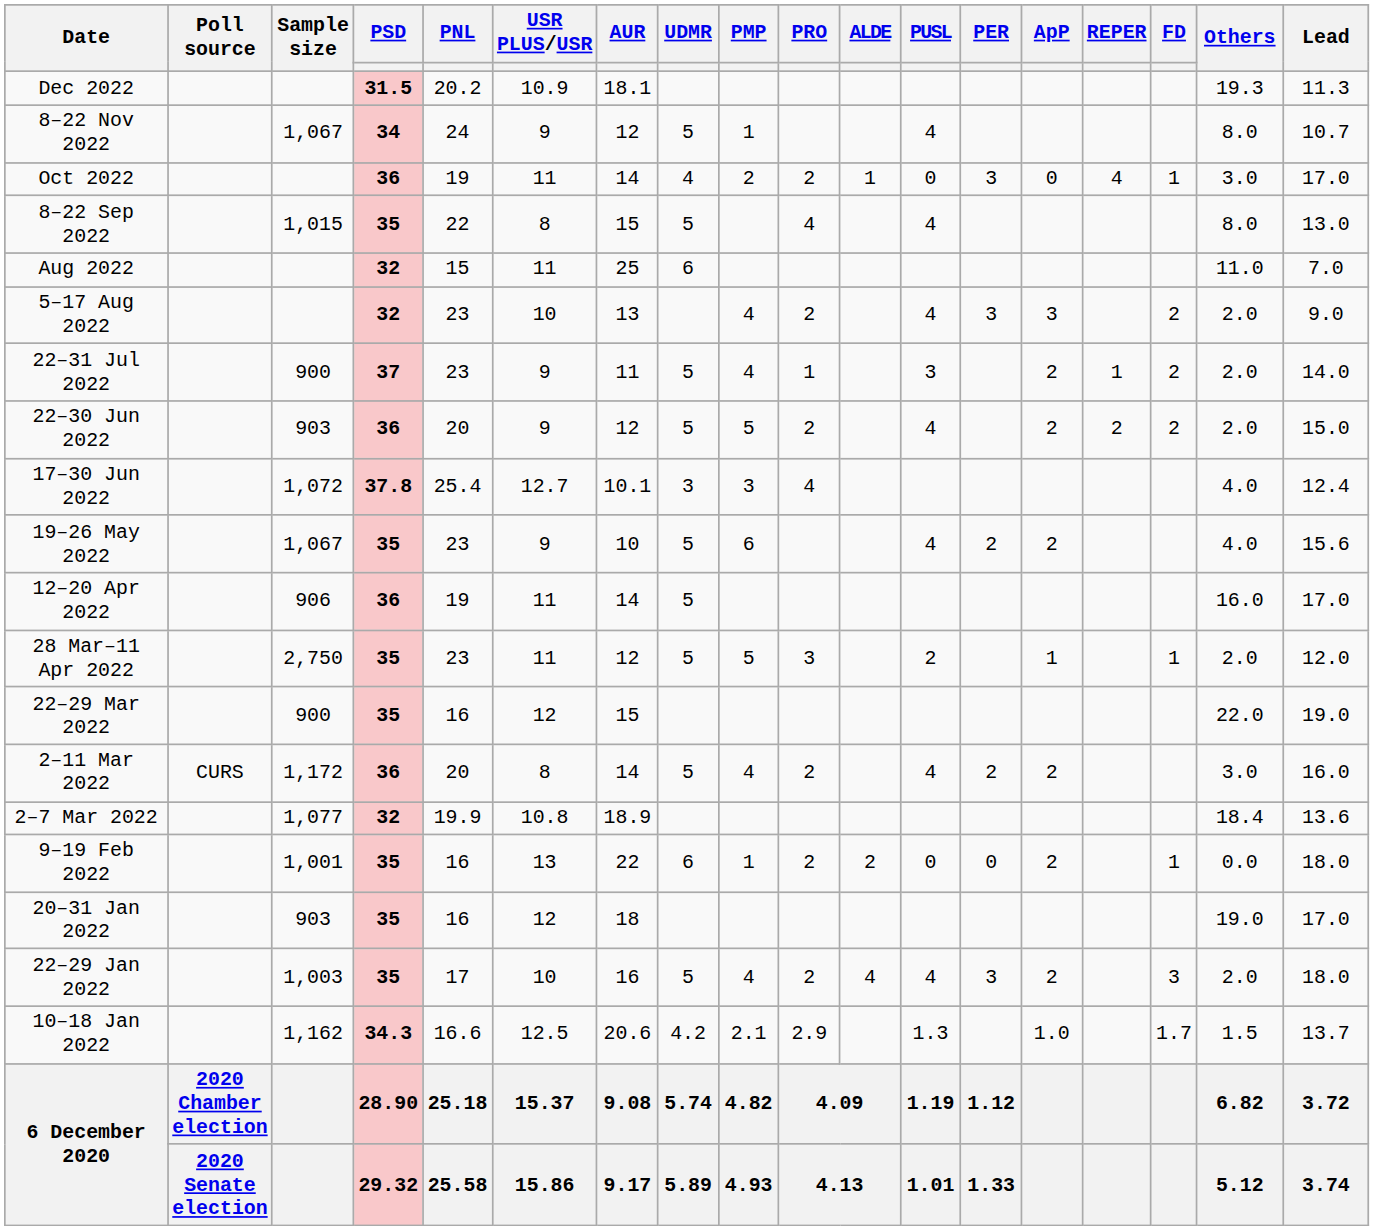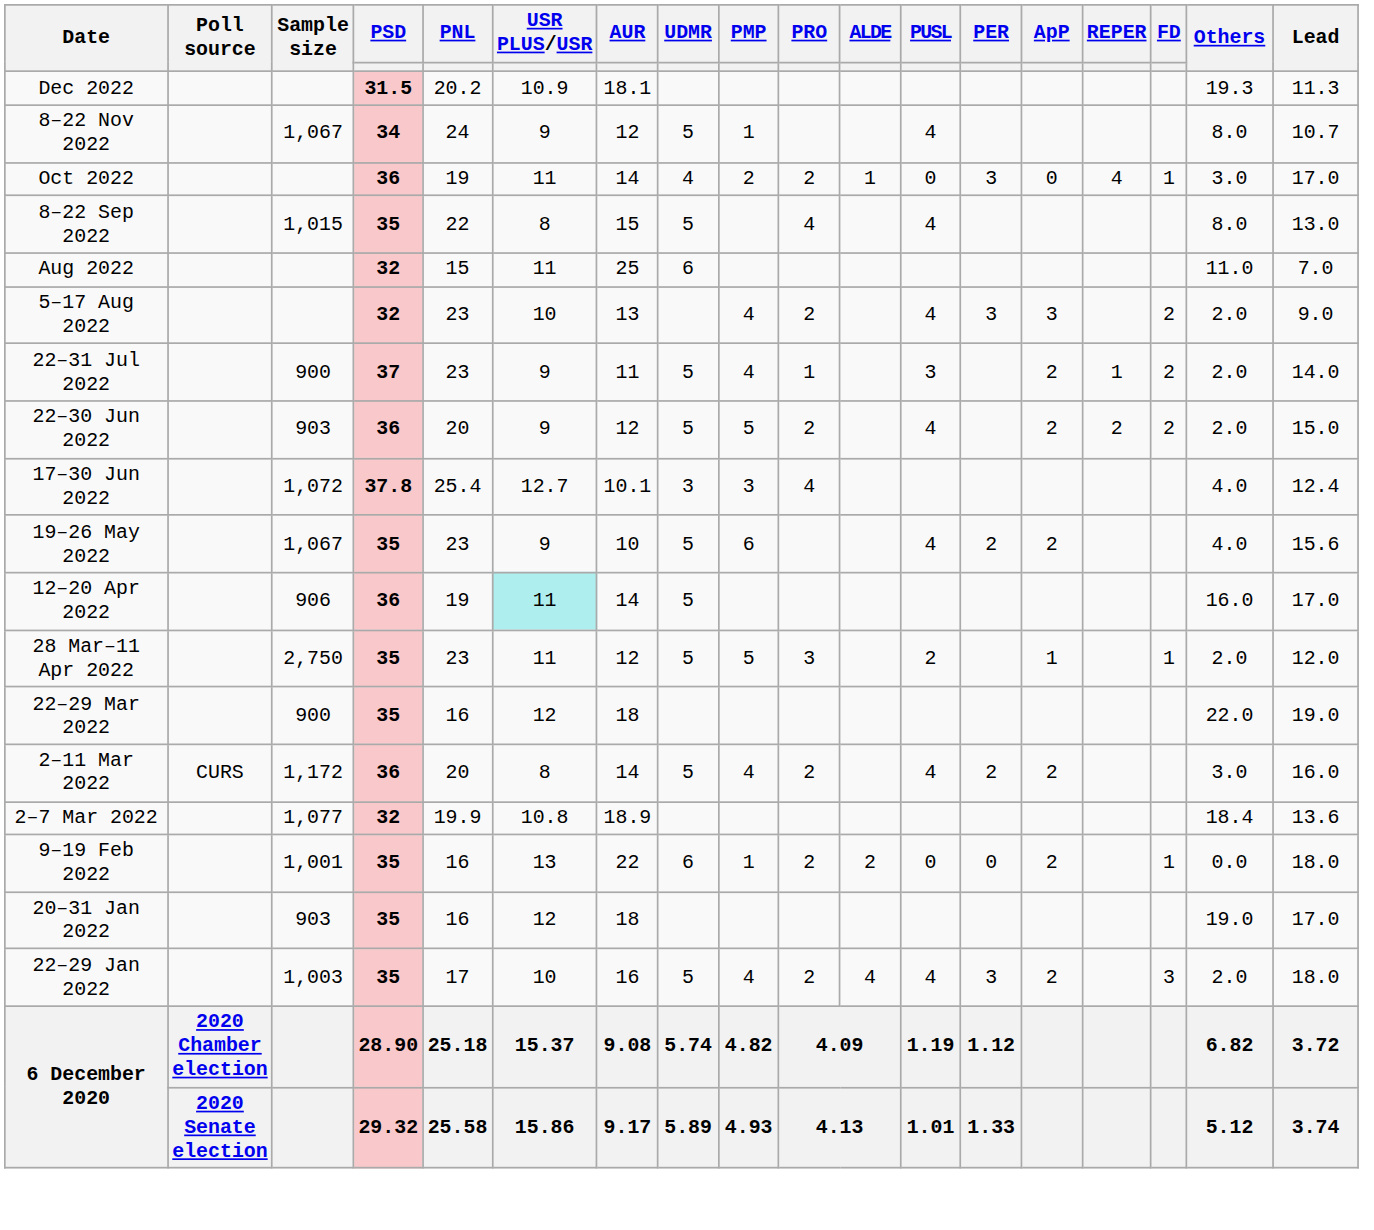 <table class="wikitable sortable mw-datatable" style="text-align:center;font-size:90%;line-height:14px;">
 <tr style="background:lightgrey;">
 <th rowspan="2" style="width:90px;">Date</th>
 <th rowspan="2" style="width:40px;">Poll source</th>
 <th rowspan="2" class="unsortable" style="width:20px;">Sample size</th>
 <th class="unsortable" style="width:30px;"><a href='#'>PSD</a></th>
 <th class="unsortable" style="width:15px;"><a href='#'>PNL</a></th>
 <th class="unsortable" style="width:30px;"><a href='#'>USR PLUS</a>/<a href='#'>USR</a></th>
 <th class="unsortable" style="width:30px;"><a href='#'>AUR</a></th>
 <th class="unsortable" style="width:30px;"><a href='#'>UDMR</a></th>
 <th class="unsortable" style="width:30px;"><a href='#'>PMP</a></th>
 <th class="unsortable" style="width:30px;"><a href='#'>PRO</a></th>
 <th class="unsortable" style="width:30px;letter-spacing:-1px;"><a href='#'>ALDE</a></th>
 <th class="unsortable" style="width:30px;letter-spacing:-1px;"><a href='#'>PUSL</a></th>
 <th class="unsortable" style="width:30px"><a href='#'>PER</a></th>
 <th class="unsortable" style="width:30px;"><a href='#'>ApP</a></th>
 <th class="unsortable"><a href='#'>REPER</a></th>
 <th class="unsortable" style="width:15px;"><a href='#'>FD</a></th>
 <th rowspan="2" style="width:45px;"><a href='#'>Others</a></th>
 <th rowspan="2" style="width:45px;">Lead</th>
 </tr>
 <tr>
 <th data-sort-type="number" style="background:"></th>
 <th data-sort-type="number" style="background:"></th>
 <th data-sort-type="number" style="background:"></th>
 <th data-sort-type="number" style="background:"></th>
 <th data-sort-type="number" style="background:"></th>
 <th data-sort-type="number" style="background:"></th>
 <th data-sort-type="number" style="background:"></th>
 <th data-sort-type="number" style="background:"></th>
 <th data-sort-type="number" style="background:"></th>
 <th data-sort-type="number" style="background:"></th>
 <th data-sort-type="number" style="background:"></th>
 <th data-sort-type="number" style="background:"></th>
 <th data-sort-type="number" style="background:"></th>
 </tr>
 <tr>
 <td>Dec 2022</td>
 <td></td>
 <td></td>
 <td style="background:#F9C8CA"><strong>31.5</strong></td>
 <td>20.2</td>
 <td>10.9</td>
 <td>18.1</td>
 <td></td>
 <td></td>
 <td></td>
 <td></td>
 <td></td>
 <td></td>
 <td></td>
 <td></td>
 <td></td>
 <td>19.3</td>
 <td style="background:">11.3</td>
 </tr>
 <tr>
 <td>8–22 Nov 2022</td>
 <td></td>
 <td>1,067</td>
 <td style="background:#F9C8CA"><strong>34</strong></td>
 <td>24</td>
 <td>9</td>
 <td>12</td>
 <td>5</td>
 <td>1</td>
 <td></td>
 <td></td>
 <td>4</td>
 <td></td>
 <td></td>
 <td></td>
 <td></td>
 <td>8.0</td>
 <td style="background:">10.7</td>
 </tr>
 <tr>
 <td>Oct 2022</td>
 <td></td>
 <td></td>
 <td style="background:#F9C8CA"><strong>36</strong></td>
 <td>19</td>
 <td>11</td>
 <td>14</td>
 <td>4</td>
 <td>2</td>
 <td>2</td>
 <td>1</td>
 <td>0</td>
 <td>3</td>
 <td>0</td>
 <td>4</td>
 <td>1</td>
 <td>3.0</td>
 <td style="background:">17.0</td>
 </tr>
 <tr>
 <td>8–22 Sep 2022</td>
 <td></td>
 <td>1,015</td>
 <td style="background:#F9C8CA"><strong>35</strong></td>
 <td>22</td>
 <td>8</td>
 <td>15</td>
 <td>5</td>
 <td></td>
 <td>4</td>
 <td></td>
 <td>4</td>
 <td></td>
 <td></td>
 <td></td>
 <td></td>
 <td>8.0</td>
 <td style="background:">13.0</td>
 </tr>
 <tr>
 <td>Aug 2022</td>
 <td></td>
 <td></td>
 <td style="background:#F9C8CA"><strong>32</strong></td>
 <td>15</td>
 <td>11</td>
 <td>25</td>
 <td>6</td>
 <td></td>
 <td></td>
 <td></td>
 <td></td>
 <td></td>
 <td></td>
 <td></td>
 <td></td>
 <td>11.0</td>
 <td style="background:">7.0</td>
 </tr>
 <tr>
 <td>5–17 Aug 2022</td>
 <td></td>
 <td></td>
 <td style="background:#F9C8CA"><strong>32</strong></td>
 <td>23</td>
 <td>10</td>
 <td>13</td>
 <td></td>
 <td>4</td>
 <td>2</td>
 <td></td>
 <td>4</td>
 <td>3</td>
 <td>3</td>
 <td></td>
 <td>2</td>
 <td>2.0</td>
 <td style="background:">9.0</td>
 </tr>
 <tr>
 <td>22–31 Jul 2022</td>
 <td></td>
 <td> 900</td>
 <td style="background:#F9C8CA"><strong>37</strong></td>
 <td>23</td>
 <td>9</td>
 <td>11</td>
 <td>5</td>
 <td>4</td>
 <td>1</td>
 <td></td>
 <td>3</td>
 <td></td>
 <td>2</td>
 <td>1</td>
 <td>2</td>
 <td>2.0</td>
 <td style="background:">14.0</td>
 </tr>
 <tr>
 <td>22–30 Jun 2022</td>
 <td></td>
 <td>903</td>
 <td style="background:#F9C8CA"><strong>36</strong></td>
 <td>20</td>
 <td>9</td>
 <td>12</td>
 <td>5</td>
 <td>5</td>
 <td>2</td>
 <td></td>
 <td>4</td>
 <td></td>
 <td>2</td>
 <td>2</td>
 <td>2</td>
 <td>2.0</td>
 <td style="background:">15.0</td>
 </tr>
 <tr>
 <td>17–30 Jun 2022</td>
 <td></td>
 <td>1,072</td>
 <td style="background:#F9C8CA"><strong>37.8</strong></td>
 <td>25.4</td>
 <td>12.7</td>
 <td>10.1</td>
 <td>3</td>
 <td>3</td>
 <td>4</td>
 <td></td>
 <td></td>
 <td></td>
 <td></td>
 <td></td>
 <td></td>
 <td>4.0</td>
 <td style="background:">12.4</td>
 </tr>
 <tr>
 <td>19–26 May 2022</td>
 <td></td>
 <td>1,067</td>
 <td style="background:#F9C8CA"><strong>35</strong></td>
 <td>23</td>
 <td>9</td>
 <td>10</td>
 <td>5</td>
 <td>6</td>
 <td></td>
 <td></td>
 <td>4</td>
 <td>2</td>
 <td>2</td>
 <td></td>
 <td></td>
 <td>4.0</td>
 <td style="background:">15.6</td>
 </tr>
 <tr>
 <td>12–20 Apr 2022</td>
 <td></td>
 <td>906</td>
 <td style="background:#F9C8CA"><strong>36</strong></td>
 <td>19</td>
-<td>11</td>
+<td style="background: paleturquoise;">11</td>
 <td>14</td>
 <td>5</td>
 <td></td>
 <td></td>
 <td></td>
 <td></td>
 <td></td>
 <td></td>
 <td></td>
 <td></td>
 <td>16.0</td>
 <td style="background:">17.0</td>
 </tr>
 <tr>
 <td>28 Mar–11 Apr 2022</td>
 <td></td>
 <td>2,750</td>
 <td style="background:#F9C8CA"><strong>35</strong></td>
 <td>23</td>
 <td>11</td>
 <td>12</td>
 <td>5</td>
 <td>5</td>
 <td>3</td>
 <td></td>
 <td>2</td>
 <td></td>
 <td>1</td>
 <td></td>
 <td>1</td>
 <td>2.0</td>
 <td style="background:">12.0</td>
 </tr>
 <tr>
 <td>22–29 Mar 2022</td>
 <td></td>
 <td>900</td>
 <td style="background:#F9C8CA"><strong>35</strong></td>
 <td>16</td>
 <td>12</td>
-<td>15</td>
+<td>18</td>
 <td></td>
 <td></td>
 <td></td>
 <td></td>
 <td></td>
 <td></td>
 <td></td>
 <td></td>
 <td></td>
 <td>22.0</td>
 <td style="background:">19.0</td>
 </tr>
 <tr>
 <td>2–11 Mar 2022</td>
 <td>CURS</td>
 <td>1,172</td>
 <td style="background:#F9C8CA"><strong>36</strong></td>
 <td>20</td>
 <td>8</td>
 <td>14</td>
 <td>5</td>
 <td>4</td>
 <td>2</td>
 <td></td>
 <td>4</td>
 <td>2</td>
 <td>2</td>
 <td></td>
 <td></td>
 <td>3.0</td>
 <td style="background:">16.0</td>
 </tr>
 <tr>
 <td>2–7 Mar 2022</td>
 <td></td>
 <td>1,077</td>
 <td style="background:#F9C8CA"><strong>32</strong></td>
 <td>19.9</td>
 <td>10.8</td>
 <td>18.9</td>
 <td></td>
 <td></td>
 <td></td>
 <td></td>
 <td></td>
 <td></td>
 <td></td>
 <td></td>
 <td></td>
 <td>18.4</td>
 <td style="background:">13.6</td>
 </tr>
 <tr>
 <td>9–19 Feb 2022</td>
 <td></td>
 <td>1,001</td>
 <td style="background:#F9C8CA"><strong>35</strong></td>
 <td>16</td>
 <td>13</td>
 <td>22</td>
 <td>6</td>
 <td>1</td>
 <td>2</td>
 <td>2</td>
 <td>0</td>
 <td>0</td>
 <td>2</td>
 <td></td>
 <td>1</td>
 <td>0.0</td>
 <td style="background:">18.0</td>
 </tr>
 <tr>
 <td>20–31 Jan 2022</td>
 <td></td>
 <td>903</td>
 <td style="background:#F9C8CA"><strong>35</strong></td>
 <td>16</td>
 <td>12</td>
 <td>18</td>
 <td></td>
 <td></td>
 <td></td>
 <td></td>
 <td></td>
 <td></td>
 <td></td>
 <td></td>
 <td></td>
 <td>19.0</td>
 <td style="background:">17.0</td>
 </tr>
 <tr>
 <td>22–29 Jan 2022</td>
 <td></td>
 <td>1,003</td>
 <td style="background:#F9C8CA"><strong>35</strong></td>
 <td>17</td>
 <td>10</td>
 <td>16</td>
 <td>5</td>
 <td>4</td>
 <td>2</td>
 <td>4</td>
 <td>4</td>
 <td>3</td>
 <td>2</td>
 <td></td>
 <td>3</td>
 <td>2.0</td>
 <td style="background:">18.0</td>
 </tr>
 <tr>
-<td>10–18 Jan 2022</td>
-<td></td>
-<td>1,162</td>
-<td style="background:#F9C8CA"><strong>34.3</strong></td>
-<td>16.6</td>
-<td>12.5</td>
-<td>20.6</td>
-<td>4.2</td>
-<td>2.1</td>
-<td>2.9</td>
-<td></td>
-<td>1.3</td>
-<td></td>
-<td>1.0</td>
-<td></td>
-<td>1.7</td>
-<td>1.5</td>
-<td style="background:">13.7</td>
-</tr>
-<tr>
 <th rowspan="2" data-sort-value="2020-12-06">6 December 2020</th>
 <th><a href='#'>2020 Chamber election</a></th>
 <th></th>
 <th style="background:#F9C8CA;">28.90</th>
 <th>25.18</th>
 <th>15.37</th>
 <th>9.08</th>
 <th>5.74</th>
 <th>4.82</th>
 <th colspan="2">4.09</th>
 <th>1.19</th>
 <th>1.12</th>
 <th></th>
 <th></th>
 <th></th>
 <th>6.82</th>
 <th style="background:">3.72</th>
 </tr>
 <tr>
 <th><a href='#'>2020 Senate election</a></th>
 <th></th>
 <th style="background:#F9C8CA;">29.32</th>
 <th>25.58</th>
 <th>15.86</th>
 <th>9.17</th>
 <th>5.89</th>
 <th>4.93</th>
 <th colspan="2">4.13</th>
 <th>1.01</th>
 <th>1.33</th>
 <th></th>
 <th></th>
 <th></th>
 <th>5.12</th>
 <th style="background:">3.74</th>
 </tr>
 </table>
